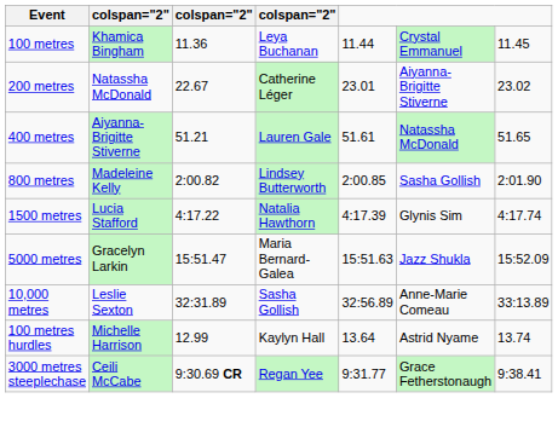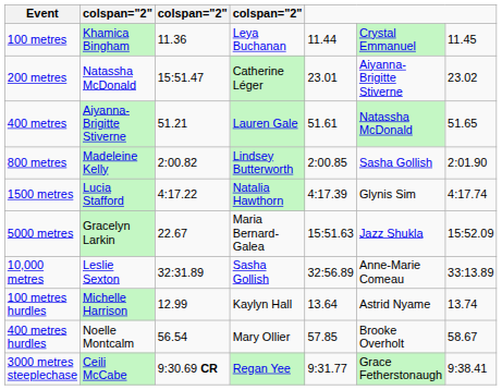 <table class="wikitable">
 <tr>
 <th>Event</th>
 <th>colspan="2" </th>
 <th>colspan="2" </th>
 <th>colspan="2" </th>
 </tr>
 <tr>
 <td><a href='#'>100 metres</a></td>
 <td bgcolor=#C4F7C4><a href='#'>Khamica Bingham</a></td>
 <td>11.36</td>
 <td><a href='#'>Leya Buchanan</a></td>
 <td>11.44</td>
 <td bgcolor=#C4F7C4><a href='#'>Crystal Emmanuel</a></td>
 <td>11.45</td>
 </tr>
 <tr>
 <td><a href='#'>200 metres</a></td>
 <td><a href='#'>Natassha McDonald</a></td>
-<td>22.67</td>
+<td>15:51.47</td>
 <td bgcolor=#C4F7C4>Catherine Léger</td>
 <td>23.01</td>
 <td><a href='#'>Aiyanna-Brigitte Stiverne</a></td>
 <td>23.02</td>
 </tr>
 <tr>
 <td><a href='#'>400 metres</a></td>
 <td bgcolor=#C4F7C4><a href='#'>Aiyanna-Brigitte Stiverne</a></td>
 <td>51.21</td>
 <td bgcolor=#C4F7C4><a href='#'>Lauren Gale</a></td>
 <td>51.61</td>
 <td bgcolor=#C4F7C4><a href='#'>Natassha McDonald</a></td>
 <td>51.65</td>
 </tr>
 <tr>
 <td><a href='#'>800 metres</a></td>
 <td bgcolor=#C4F7C4><a href='#'>Madeleine Kelly</a></td>
 <td>2:00.82</td>
 <td bgcolor=#C4F7C4><a href='#'>Lindsey Butterworth</a></td>
 <td>2:00.85</td>
 <td><a href='#'>Sasha Gollish</a></td>
 <td>2:01.90</td>
 </tr>
 <tr>
 <td><a href='#'>1500 metres</a></td>
 <td bgcolor=#C4F7C4><a href='#'>Lucia Stafford</a></td>
 <td>4:17.22</td>
 <td bgcolor=#C4F7C4><a href='#'>Natalia Hawthorn</a></td>
 <td>4:17.39</td>
 <td>Glynis Sim</td>
 <td>4:17.74</td>
 </tr>
 <tr>
 <td><a href='#'>5000 metres</a></td>
 <td bgcolor=#C4F7C4>Gracelyn Larkin</td>
-<td>15:51.47</td>
+<td>22.67</td>
 <td>Maria Bernard-Galea</td>
 <td>15:51.63</td>
 <td><a href='#'>Jazz Shukla</a></td>
 <td>15:52.09</td>
 </tr>
 <tr>
 <td><a href='#'>10,000 metres</a></td>
 <td><a href='#'>Leslie Sexton</a></td>
 <td>32:31.89</td>
 <td><a href='#'>Sasha Gollish</a></td>
 <td>32:56.89</td>
 <td>Anne-Marie Comeau</td>
 <td>33:13.89</td>
 </tr>
 <tr>
 <td><a href='#'>100 metres hurdles</a></td>
 <td bgcolor=#C4F7C4><a href='#'>Michelle Harrison</a></td>
 <td>12.99</td>
 <td>Kaylyn Hall</td>
 <td>13.64</td>
 <td>Astrid Nyame</td>
 <td>13.74</td>
 </tr>
 <tr>
+<td><a href='#'>400 metres hurdles</a></td>
+<td>Noelle Montcalm</td>
+<td>56.54</td>
+<td>Mary Ollier</td>
+<td>57.85</td>
+<td>Brooke Overholt</td>
+<td>58.67</td>
+</tr>
+<tr>
 <td><a href='#'>3000 metres steeplechase</a></td>
 <td bgcolor=#C4F7C4><a href='#'>Ceili McCabe</a></td>
 <td>9:30.69 <strong>CR</strong></td>
 <td bgcolor=#C4F7C4><a href='#'>Regan Yee</a></td>
 <td>9:31.77</td>
 <td bgcolor=#C4F7C4>Grace Fetherstonaugh</td>
 <td>9:38.41</td>
 </tr>
 </table>
